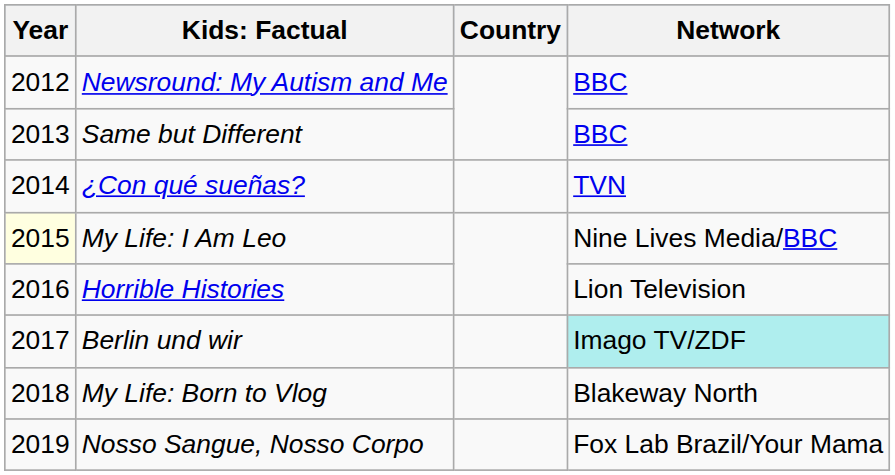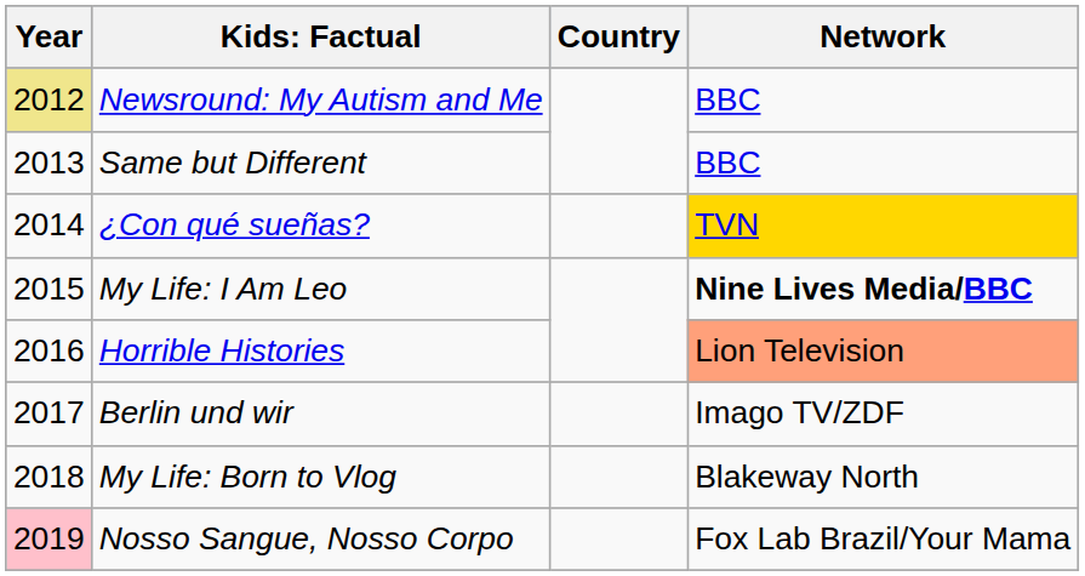 <table class="wikitable" style="font-size:1.00em; line-height:1.5em;">
 <tr style="background:#b0c4de; text-align:center;">
 <th>Year</th>
 <th>Kids: Factual</th>
 <th>Country</th>
 <th>Network</th>
 </tr>
 <tr>
-<td>2012</td>
+<td style="background: khaki;">2012</td>
 <td><em><a href='#'>Newsround: My Autism and Me</a></em></td>
 <td rowspan="2"></td>
 <td><a href='#'>BBC</a></td>
 </tr>
 <tr>
 <td>2013</td>
 <td><em>Same but Different</em></td>
 <td><a href='#'>BBC</a></td>
 </tr>
 <tr>
 <td>2014</td>
 <td><em><a href='#'>¿Con qué sueñas?</a></em></td>
 <td></td>
-<td><a href='#'>TVN</a></td>
+<td style="background: gold;"><a href='#'>TVN</a></td>
 </tr>
 <tr>
-<td style="background: lightyellow;">2015</td>
+<td>2015</td>
 <td><em>My Life: I Am Leo</em></td>
 <td rowspan="2"></td>
-<td>Nine Lives Media/<a href='#'>BBC</a></td>
+<td><strong>Nine Lives Media/<a href='#'>BBC</a></strong></td>
 </tr>
 <tr>
 <td>2016</td>
 <td><em><a href='#'>Horrible Histories</a></em></td>
-<td>Lion Television</td>
+<td style="background: lightsalmon;">Lion Television</td>
 </tr>
 <tr>
 <td>2017</td>
 <td><em>Berlin und wir</em></td>
 <td></td>
-<td style="background: paleturquoise;">Imago TV/ZDF</td>
+<td>Imago TV/ZDF</td>
 </tr>
 <tr>
 <td>2018</td>
 <td><em>My Life: Born to Vlog</em></td>
 <td></td>
 <td>Blakeway North</td>
 </tr>
 <tr>
-<td>2019</td>
+<td style="background: pink;">2019</td>
 <td><em>Nosso Sangue, Nosso Corpo</em></td>
 <td></td>
 <td>Fox Lab Brazil/Your Mama</td>
 </tr>
 </table>
